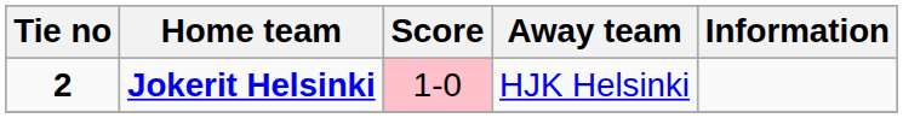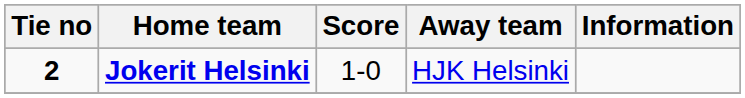 <table class="wikitable" style="text-align:center">
 <tr>
 <th style= width="40px">Tie no</th>
 <th style= width="150px">Home team</th>
 <th style= width="60px">Score</th>
 <th style= width="150px">Away team</th>
 <th style= width="30px">Information</th>
 </tr>
 <tr>
 <td><strong>2</strong></td>
 <td><strong><a href='#'>Jokerit Helsinki</a></strong></td>
-<td style="background: pink;">1-0</td>
+<td>1-0</td>
 <td><a href='#'>HJK Helsinki</a></td>
 <td></td>
 </tr>
 <tr>
 </tr>
 </table>
